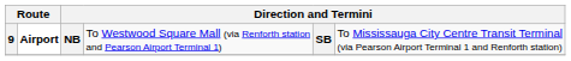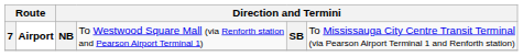 <table class=wikitable style="font-size: 90%;" |>
 <tr>
 <th colspan=2>Route</th>
 <th colspan=4>Direction and Termini</th>
 </tr>
 <tr>
-<th style="background:#"><div><strong>9</strong></div></th>
+<th style="background:#"><div><strong>7</strong></div></th>
 <td style="background:white; color:black"><strong>Airport</strong></td>
 <th>NB</th>
 <td>To <a href='#'>Westwood Square Mall</a> <small>(via <a href='#'>Renforth station</a><br>and <a href='#'>Pearson Airport Terminal 1</a>)</small></td>
 <th>SB</th>
 <td>To <a href='#'>Mississauga City Centre Transit Terminal</a><br><small>(via Pearson Airport Terminal 1 and Renforth station)</small></td>
 </tr>
 <tr>
 </tr>
 </table>
